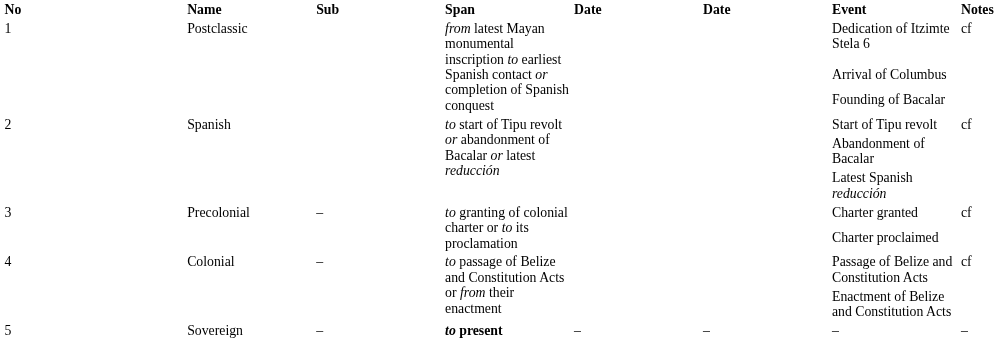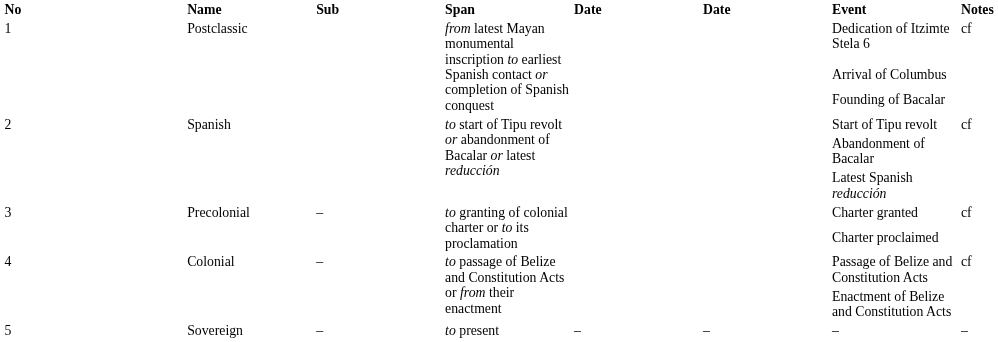 <table class="sortable" style="text-align: left;">
 <tr>
 <th>No</th>
 <th class=unsortable style="width:11.875%;">Name</th>
 <th class=unsortable style="width:11.875%;">Sub</th>
 <th class=unsortable style="width:11.875%;">Span</th>
 <th style="width:11.875%;">Date</th>
 <th style="width:11.875%;">Date</th>
 <th class=unsortable style="width:11.875%;">Event</th>
 <th class=unsortable style="width:11.875%;">Notes</th>
 </tr>
 <tr>
 <td rowspan=3 style="vertical-align: top;">1</td>
 <td rowspan=3 style="vertical-align: top;">Postclassic</td>
 <td rowspan=3 style="vertical-align: top;"></td>
 <td rowspan=3 style="vertical-align: top;"><em>from</em> latest Mayan monumental inscription <em>to</em> earliest Spanish contact <em>or</em> completion of Spanish conquest</td>
 <td style="vertical-align: top;"></td>
 <td style="vertical-align: top;"></td>
 <td style="vertical-align: top;">Dedication of Itzimte Stela 6</td>
 <td rowspan=3 style="vertical-align: top;">cf</td>
 </tr>
 <tr>
 <td style="vertical-align: top;"></td>
 <td style="vertical-align: top;"></td>
 <td style="vertical-align: top;">Arrival of Columbus</td>
 </tr>
 <tr>
 <td style="vertical-align: top;"></td>
 <td style="vertical-align: top;"></td>
 <td style="vertical-align: top;">Founding of Bacalar</td>
 </tr>
 <tr>
 <td rowspan=3 style="vertical-align: top;">2</td>
 <td rowspan=3 style="vertical-align: top;">Spanish</td>
 <td rowspan=3 style="vertical-align: top;"></td>
 <td rowspan=3 style="vertical-align: top;"><em>to</em> start of Tipu revolt <em>or</em> abandonment of Bacalar <em>or</em> latest <em>reducción</em></td>
 <td style="vertical-align: top;"></td>
 <td style="vertical-align: top;"></td>
 <td style="vertical-align: top;">Start of Tipu revolt</td>
 <td rowspan=3 style="vertical-align: top;">cf</td>
 </tr>
 <tr>
 <td style="vertical-align: top;"></td>
 <td style="vertical-align: top;"></td>
 <td style="vertical-align: top;">Abandonment of Bacalar</td>
 </tr>
 <tr>
 <td style="vertical-align: top;"></td>
 <td style="vertical-align: top;"></td>
 <td style="vertical-align: top;">Latest Spanish <em>reducción</em></td>
 </tr>
 <tr>
 <td rowspan=2 style="vertical-align: top;">3</td>
 <td rowspan=2 style="vertical-align: top;">Precolonial</td>
 <td rowspan=2 style="vertical-align: top;">–</td>
 <td rowspan=2 style="vertical-align: top;"><em>to</em> granting of colonial charter or <em>to</em> its proclamation</td>
 <td style="vertical-align: top;"></td>
 <td style="vertical-align: top;"></td>
 <td style="vertical-align: top;">Charter granted</td>
 <td rowspan=2 style="vertical-align: top;">cf</td>
 </tr>
 <tr>
 <td style="vertical-align: top;"></td>
 <td style="vertical-align: top;"></td>
 <td style="vertical-align: top;">Charter proclaimed</td>
 </tr>
 <tr>
 <td rowspan=2 style="vertical-align: top;">4</td>
 <td rowspan=2 style="vertical-align: top;">Colonial</td>
 <td rowspan=2 style="vertical-align: top;">–</td>
 <td rowspan=2 style="vertical-align: top;"><em>to</em> passage of Belize and Constitution Acts or <em>from</em> their enactment</td>
 <td style="vertical-align: top;"></td>
 <td style="vertical-align: top;"></td>
 <td style="vertical-align: top;">Passage of Belize and Constitution Acts</td>
 <td rowspan=2 style="vertical-align: top;">cf</td>
 </tr>
 <tr>
 <td style="vertical-align: top;"></td>
 <td style="vertical-align: top;"></td>
 <td style="vertical-align: top;">Enactment of Belize and Constitution Acts</td>
 </tr>
 <tr>
 <td style="vertical-align: top;">5</td>
 <td style="vertical-align: top;">Sovereign</td>
 <td style="vertical-align: top;">–</td>
-<td style="vertical-align: top;"><strong><em>to</em> present</strong></td>
+<td style="vertical-align: top;"><em>to</em> present</td>
 <td style="vertical-align: top;">–</td>
 <td style="vertical-align: top;">–</td>
 <td style="vertical-align: top;">–</td>
 <td style="vertical-align: top;">–</td>
 </tr>
 </table>
